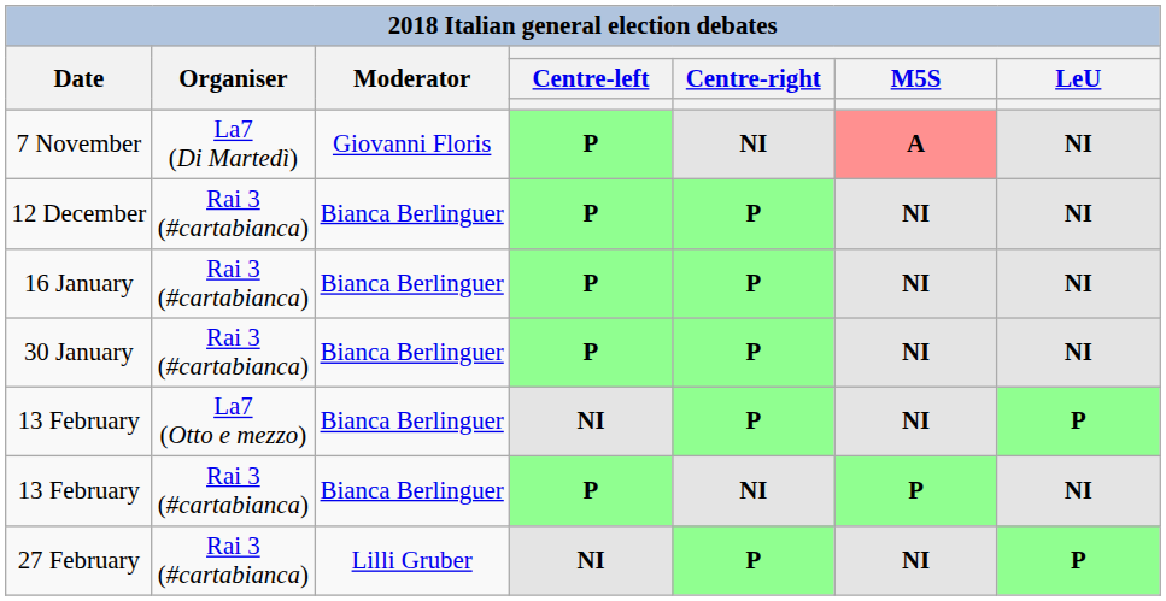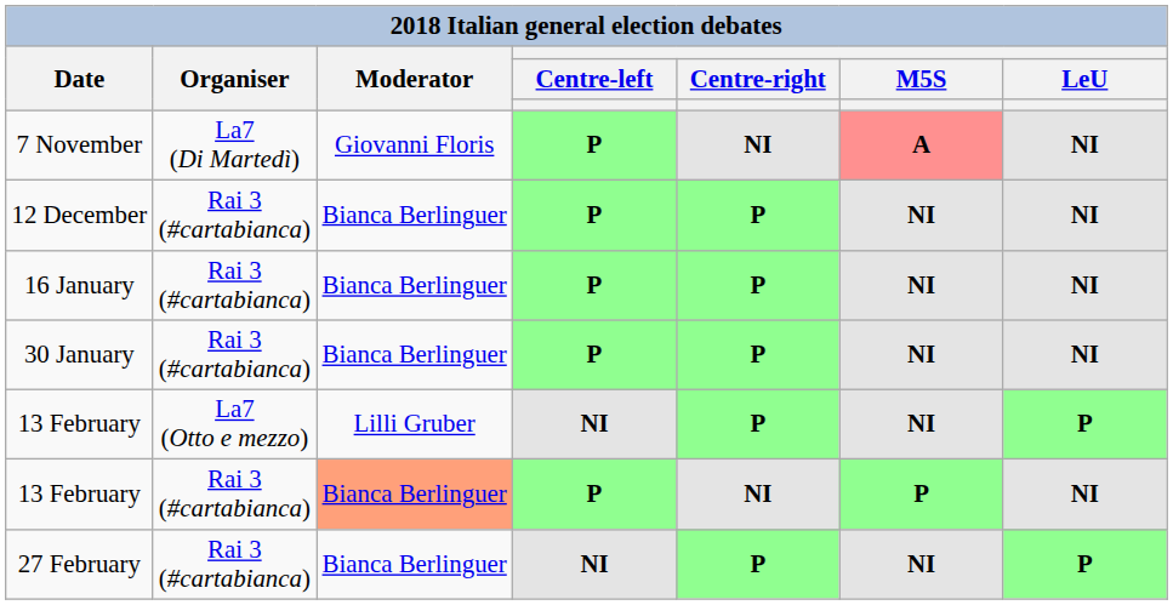 <table class="wikitable" style="font-size:98%; text-align:center">
 <tr>
 <th style="background:#B0C4DE" colspan="12">2018 Italian general election debates</th>
 </tr>
 <tr>
 <th rowspan="3">Date</th>
 <th rowspan="3">Organiser</th>
 <th rowspan="3">Moderator</th>
 <th colspan="9">      </th>
 </tr>
 <tr>
 <th scope="col" style="width:6em;"><a href='#'>Centre-left</a></th>
 <th scope="col" style="width:6em;"><a href='#'>Centre-right</a></th>
 <th scope="col" style="width:6em;"><a href='#'>M5S</a></th>
 <th scope="col" style="width:6em;"><a href='#'>LeU</a></th>
 </tr>
 <tr>
 <th style="background:"></th>
 <th style="background:"></th>
 <th style="background:"></th>
 <th style="background:"></th>
 </tr>
 <tr>
 <td style="white-space:nowrap; text-align:center;">7 November</td>
 <td style="white-space:nowrap; text-align:center;"><a href='#'>La7</a><br>(<em>Di Martedì</em>)</td>
 <td style="white-space:nowrap; text-align:center;"><a href='#'>Giovanni Floris</a></td>
 <td style="background:#90FF90;"><strong>P</strong><br></td>
 <td style="background:#E4E4E4;"><strong>NI</strong></td>
 <td style="background:#FF9090;"><strong>A</strong><br></td>
 <td style="background:#E4E4E4;"><strong>NI</strong></td>
 </tr>
 <tr>
 <td style="white-space:nowrap; text-align:center;">12 December</td>
 <td style="white-space:nowrap; text-align:center;"><a href='#'>Rai 3</a><br>(<em>#cartabianca</em>)</td>
 <td style="white-space:nowrap; text-align:center;"><a href='#'>Bianca Berlinguer</a></td>
 <td style="background:#90FF90;"><strong>P</strong><br></td>
 <td style="background:#90FF90;"><strong>P</strong><br></td>
 <td style="background:#E4E4E4;"><strong>NI</strong></td>
 <td style="background:#E4E4E4;"><strong>NI</strong></td>
 </tr>
 <tr>
 <td style="white-space:nowrap; text-align:center;">16 January</td>
 <td style="white-space:nowrap; text-align:center;"><a href='#'>Rai 3</a><br>(<em>#cartabianca</em>)</td>
 <td style="white-space:nowrap; text-align:center;"><a href='#'>Bianca Berlinguer</a></td>
 <td style="background:#90FF90;"><strong>P</strong><br></td>
 <td style="background:#90FF90;"><strong>P</strong><br></td>
 <td style="background:#E4E4E4;"><strong>NI</strong></td>
 <td style="background:#E4E4E4;"><strong>NI</strong></td>
 </tr>
 <tr>
 <td style="white-space:nowrap; text-align:center;">30 January</td>
 <td style="white-space:nowrap; text-align:center;"><a href='#'>Rai 3</a><br>(<em>#cartabianca</em>)</td>
 <td style="white-space:nowrap; text-align:center;"><a href='#'>Bianca Berlinguer</a></td>
 <td style="background:#90FF90;"><strong>P</strong><br></td>
 <td style="background:#90FF90;"><strong>P</strong><br></td>
 <td style="background:#E4E4E4;"><strong>NI</strong></td>
 <td style="background:#E4E4E4;"><strong>NI</strong></td>
 </tr>
 <tr>
 <td style="white-space:nowrap; text-align:center;">13 February</td>
 <td style="white-space:nowrap; text-align:center;"><a href='#'>La7</a><br>(<em>Otto e mezzo</em>)</td>
-<td style="white-space:nowrap; text-align:center;"><a href='#'>Bianca Berlinguer</a></td>
+<td style="white-space:nowrap; text-align:center;"><a href='#'>Lilli Gruber</a></td>
 <td style="background:#E4E4E4;"><strong>NI</strong></td>
 <td style="background:#90FF90;"><strong>P</strong><br></td>
 <td style="background:#E4E4E4;"><strong>NI</strong></td>
 <td style="background:#90FF90;"><strong>P</strong><br></td>
 </tr>
 <tr>
 <td style="white-space:nowrap; text-align:center;">13 February</td>
 <td style="white-space:nowrap; text-align:center;"><a href='#'>Rai 3</a><br>(<em>#cartabianca</em>)</td>
-<td style="white-space:nowrap; text-align:center;"><a href='#'>Bianca Berlinguer</a></td>
+<td style="background: lightsalmon; white-space:nowrap; text-align:center;"><a href='#'>Bianca Berlinguer</a></td>
 <td style="background:#90FF90;"><strong>P</strong><br></td>
 <td style="background:#E4E4E4;"><strong>NI</strong></td>
 <td style="background:#90FF90;"><strong>P</strong><br></td>
 <td style="background:#E4E4E4;"><strong>NI</strong></td>
 </tr>
 <tr>
 <td style="white-space:nowrap; text-align:center;">27 February</td>
 <td style="white-space:nowrap; text-align:center;"><a href='#'>Rai 3</a><br>(<em>#cartabianca</em>)</td>
-<td style="white-space:nowrap; text-align:center;"><a href='#'>Lilli Gruber</a></td>
+<td style="white-space:nowrap; text-align:center;"><a href='#'>Bianca Berlinguer</a></td>
 <td style="background:#E4E4E4;"><strong>NI</strong></td>
 <td style="background:#90FF90;"><strong>P</strong><br></td>
 <td style="background:#E4E4E4;"><strong>NI</strong></td>
 <td style="background:#90FF90;"><strong>P</strong><br></td>
 </tr>
 </table>
